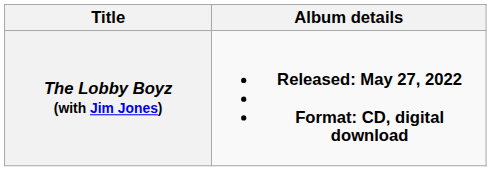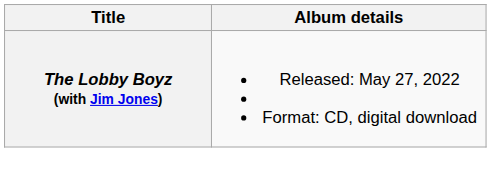 <table class="wikitable plainrowheaders" style="text-align:center;">
 <tr>
 <th scope="col" style="width:12em;">Title</th>
 <th scope="col" style="width:16em;">Album details</th>
 </tr>
 <tr>
 <th scope="row"><em>The Lobby Boyz</em><br><small>(with <a href='#'>Jim Jones</a>)</small></th>
-<td><strong><br><ul><li>Released: May 27, 2022</li><li></li><li>Format: CD, digital download</li></ul></strong></td>
+<td><br><ul><li>Released: May 27, 2022</li><li></li><li>Format: CD, digital download</li></ul></td>
 </tr>
 </table>
